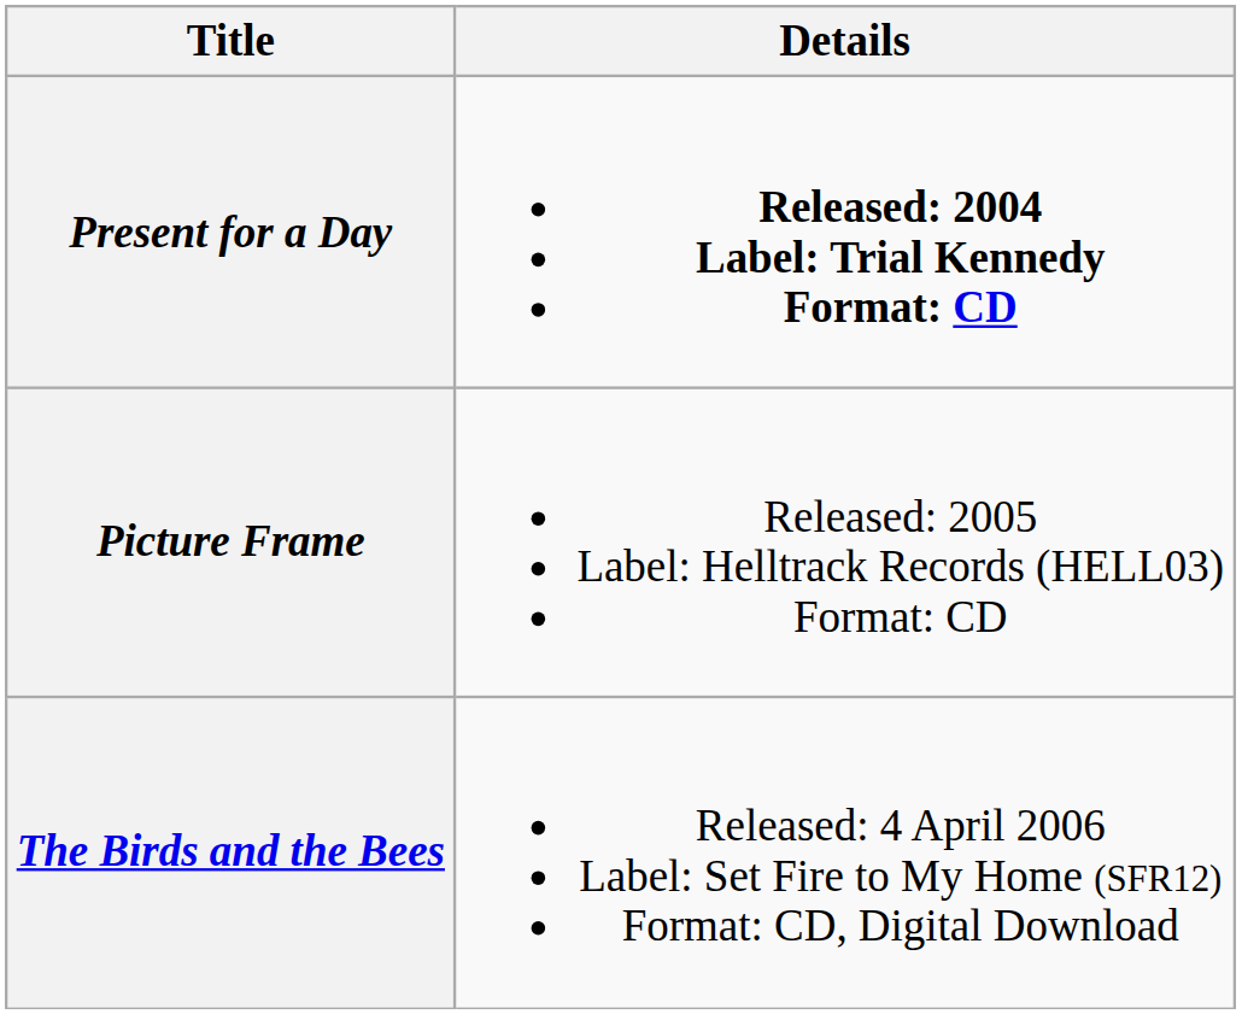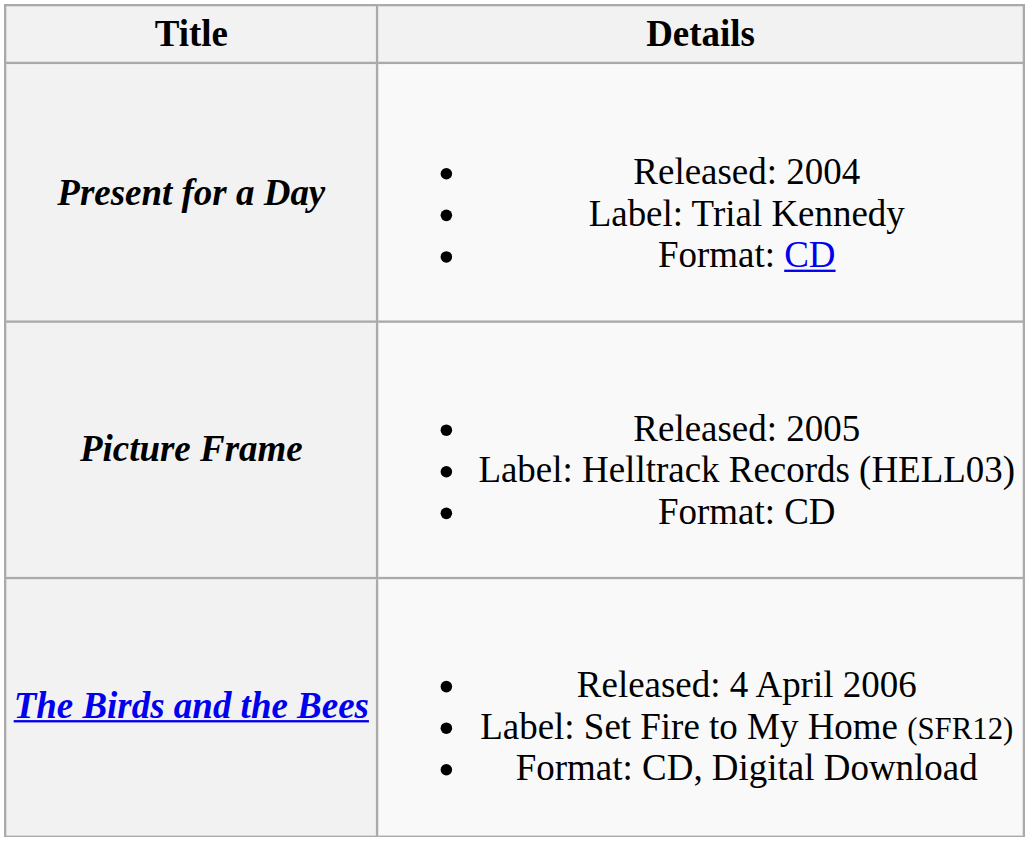 <table class="wikitable plainrowheaders" style="text-align:center;" border="1">
 <tr>
 <th>Title</th>
 <th>Details</th>
 </tr>
 <tr>
 <th scope="row"><em>Present for a Day</em></th>
-<td><strong><br><ul><li>Released: 2004</li><li>Label: Trial Kennedy</li><li>Format: <a href='#'>CD</a></li></ul></strong></td>
+<td><br><ul><li>Released: 2004</li><li>Label: Trial Kennedy</li><li>Format: <a href='#'>CD</a></li></ul></td>
 </tr>
 <tr>
 <th scope="row"><em>Picture Frame</em></th>
 <td><br><ul><li>Released: 2005</li><li>Label: Helltrack Records (HELL03)</li><li>Format: CD</li></ul></td>
 </tr>
 <tr>
 <th scope="row"><em><a href='#'>The Birds and the Bees</a></em> <br> </th>
 <td><br><ul><li>Released: 4 April 2006</li><li>Label: Set Fire to My Home <small>(SFR12)</small></li><li>Format: CD, Digital Download</li></ul></td>
 </tr>
 </table>
